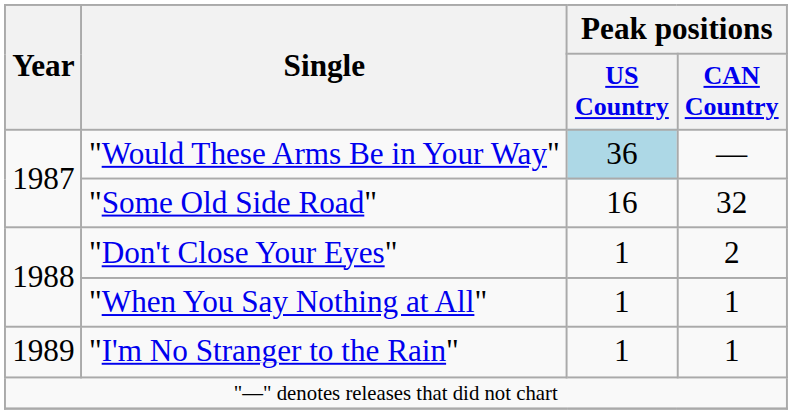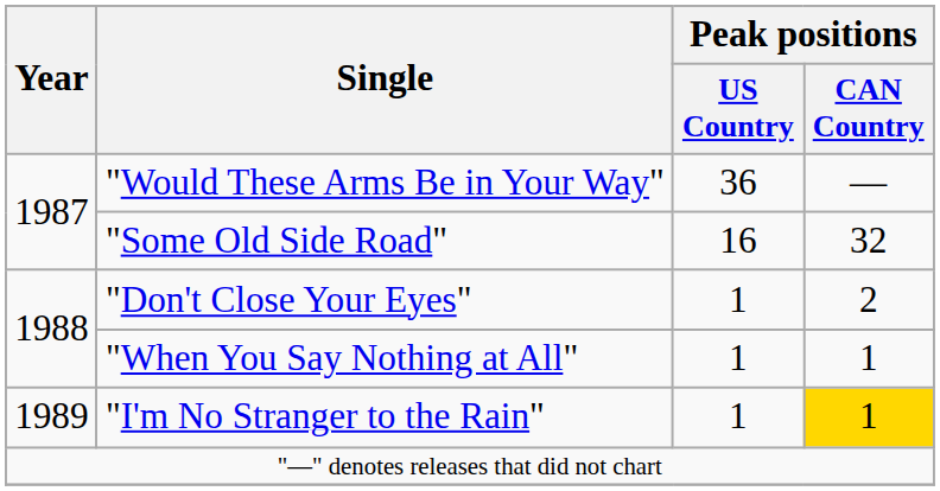 <table class="wikitable" style="text-align:center;">
 <tr>
 <th rowspan=2>Year</th>
 <th rowspan=2>Single</th>
 <th colspan=2>Peak positions</th>
 </tr>
 <tr style="font-size:smaller;">
 <th width="50"><a href='#'>US Country</a></th>
 <th width="50"><a href='#'>CAN Country</a></th>
 </tr>
 <tr>
 <td rowspan=2>1987</td>
 <td align="left">"<a href='#'>Would These Arms Be in Your Way</a>"</td>
-<td style="background: lightblue;">36</td>
+<td>36</td>
 <td>—</td>
 </tr>
 <tr>
 <td align="left">"<a href='#'>Some Old Side Road</a>"</td>
 <td>16</td>
 <td>32</td>
 </tr>
 <tr>
 <td rowspan=2>1988</td>
 <td align="left">"<a href='#'>Don't Close Your Eyes</a>"</td>
 <td>1</td>
 <td>2</td>
 </tr>
 <tr>
 <td align="left">"<a href='#'>When You Say Nothing at All</a>"</td>
 <td>1</td>
 <td>1</td>
 </tr>
 <tr>
 <td>1989</td>
 <td align="left">"<a href='#'>I'm No Stranger to the Rain</a>"</td>
 <td>1</td>
-<td>1</td>
+<td style="background: gold;">1</td>
 </tr>
 <tr>
 <td colspan="4" style="font-size:8pt">"—" denotes releases that did not chart</td>
 </tr>
 <tr>
 </tr>
 </table>
